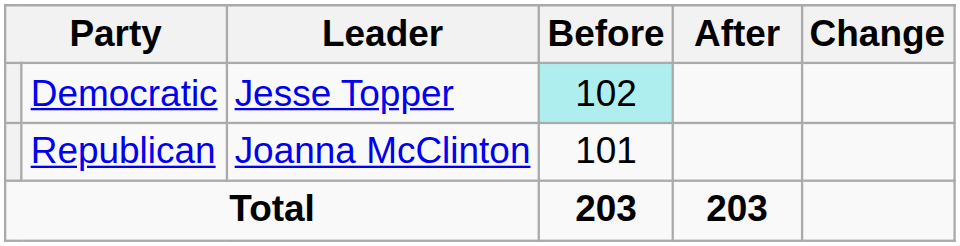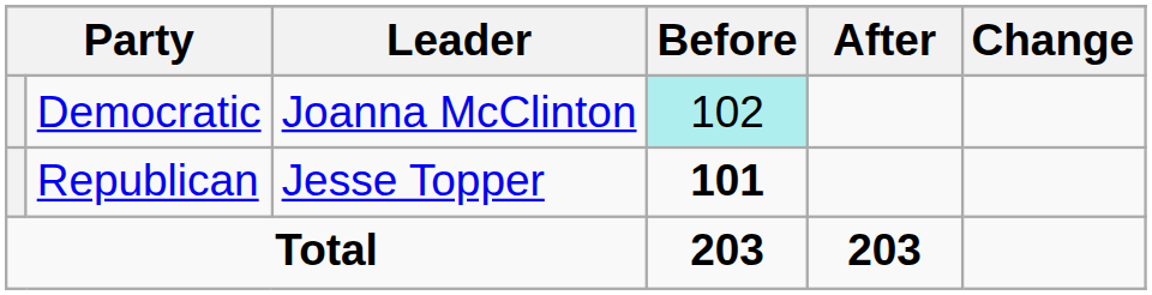 <table class="wikitable" style="text-align:center;">
 <tr>
 </tr>
 <tr>
 <th colspan="2">Party</th>
 <th>Leader</th>
 <th style="width:3em">Before</th>
 <th style="width:3em">After</th>
 <th style="width:3em">Change</th>
 </tr>
 <tr>
 <th style="background-color:"></th>
 <td style="text-align:left;"><a href='#'>Democratic</a></td>
-<td style="text-align:left;"><a href='#'>Jesse Topper</a></td>
+<td style="text-align:left;"><a href='#'>Joanna McClinton</a></td>
 <td style="background: paleturquoise;">102</td>
 <td></td>
 <td></td>
 </tr>
 <tr>
 <th style="background-color:"></th>
 <td style="text-align:left;"><a href='#'>Republican</a></td>
-<td style="text-align:left;"><a href='#'>Joanna McClinton</a></td>
-<td>101</td>
+<td style="text-align:left;"><a href='#'>Jesse Topper</a></td>
+<td><strong>101</strong></td>
 <td></td>
 <td></td>
 </tr>
 <tr>
 <td colspan="3"><strong>Total</strong></td>
 <td><strong>203</strong></td>
 <td><strong>203</strong></td>
 <td></td>
 </tr>
 </table>
